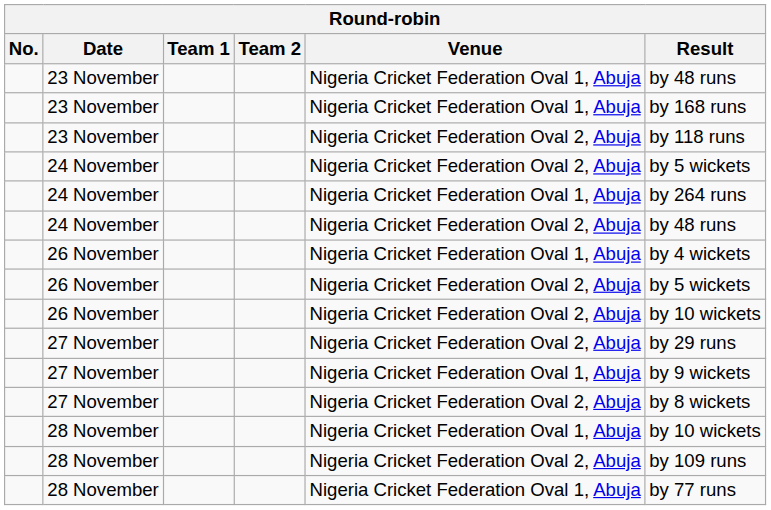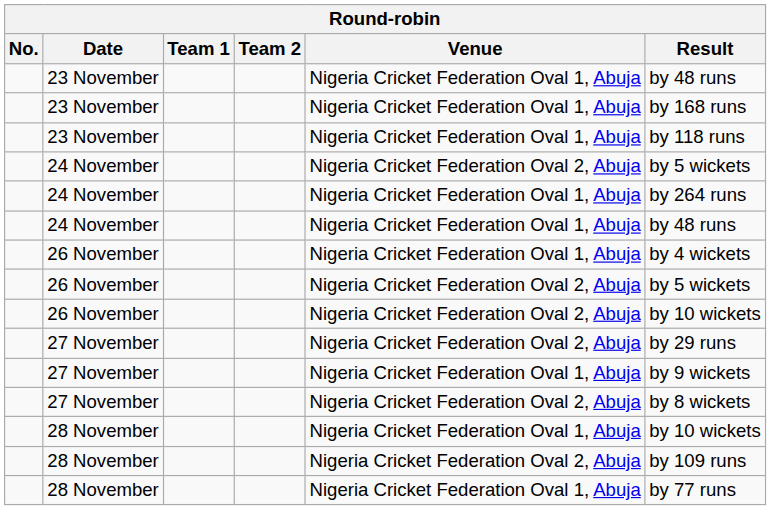 <table class="wikitable">
 <tr>
 <th colspan="6">Round-robin</th>
 </tr>
 <tr>
 <th>No.</th>
 <th>Date</th>
 <th>Team 1</th>
 <th>Team 2</th>
 <th>Venue</th>
 <th>Result</th>
 </tr>
 <tr>
 <td></td>
 <td>23 November</td>
 <td></td>
 <td></td>
 <td>Nigeria Cricket Federation Oval 1, <a href='#'>Abuja</a></td>
 <td> by 48 runs</td>
 </tr>
 <tr>
 <td></td>
 <td>23 November</td>
 <td></td>
 <td></td>
 <td>Nigeria Cricket Federation Oval 1, <a href='#'>Abuja</a></td>
 <td> by 168 runs</td>
 </tr>
 <tr>
 <td></td>
 <td>23 November</td>
 <td></td>
 <td></td>
-<td>Nigeria Cricket Federation Oval 2, <a href='#'>Abuja</a></td>
+<td>Nigeria Cricket Federation Oval 1, <a href='#'>Abuja</a></td>
 <td> by 118 runs</td>
 </tr>
 <tr>
 <td></td>
 <td>24 November</td>
 <td></td>
 <td></td>
 <td>Nigeria Cricket Federation Oval 2, <a href='#'>Abuja</a></td>
 <td> by 5 wickets</td>
 </tr>
 <tr>
 <td></td>
 <td>24 November</td>
 <td></td>
 <td></td>
 <td>Nigeria Cricket Federation Oval 1, <a href='#'>Abuja</a></td>
 <td> by 264 runs</td>
 </tr>
 <tr>
 <td></td>
 <td>24 November</td>
 <td></td>
 <td></td>
-<td>Nigeria Cricket Federation Oval 2, <a href='#'>Abuja</a></td>
+<td>Nigeria Cricket Federation Oval 1, <a href='#'>Abuja</a></td>
 <td> by 48 runs</td>
 </tr>
 <tr>
 <td></td>
 <td>26 November</td>
 <td></td>
 <td></td>
 <td>Nigeria Cricket Federation Oval 1, <a href='#'>Abuja</a></td>
 <td> by 4 wickets</td>
 </tr>
 <tr>
 <td></td>
 <td>26 November</td>
 <td></td>
 <td></td>
 <td>Nigeria Cricket Federation Oval 2, <a href='#'>Abuja</a></td>
 <td> by 5 wickets</td>
 </tr>
 <tr>
 <td></td>
 <td>26 November</td>
 <td></td>
 <td></td>
 <td>Nigeria Cricket Federation Oval 2, <a href='#'>Abuja</a></td>
 <td> by 10 wickets</td>
 </tr>
 <tr>
 <td></td>
 <td>27 November</td>
 <td></td>
 <td></td>
 <td>Nigeria Cricket Federation Oval 2, <a href='#'>Abuja</a></td>
 <td> by 29 runs</td>
 </tr>
 <tr>
 <td></td>
 <td>27 November</td>
 <td></td>
 <td></td>
 <td>Nigeria Cricket Federation Oval 1, <a href='#'>Abuja</a></td>
 <td> by 9 wickets</td>
 </tr>
 <tr>
 <td></td>
 <td>27 November</td>
 <td></td>
 <td></td>
 <td>Nigeria Cricket Federation Oval 2, <a href='#'>Abuja</a></td>
 <td> by 8 wickets</td>
 </tr>
 <tr>
 <td></td>
 <td>28 November</td>
 <td></td>
 <td></td>
 <td>Nigeria Cricket Federation Oval 1, <a href='#'>Abuja</a></td>
 <td> by 10 wickets</td>
 </tr>
 <tr>
 <td></td>
 <td>28 November</td>
 <td></td>
 <td></td>
 <td>Nigeria Cricket Federation Oval 2, <a href='#'>Abuja</a></td>
 <td> by 109 runs</td>
 </tr>
 <tr>
 <td></td>
 <td>28 November</td>
 <td></td>
 <td></td>
 <td>Nigeria Cricket Federation Oval 1, <a href='#'>Abuja</a></td>
 <td> by 77 runs</td>
 </tr>
 </table>
